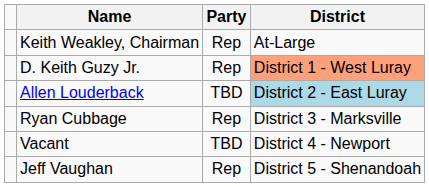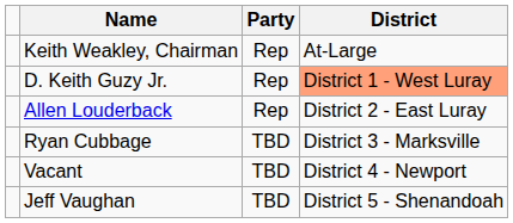 <table class=wikitable>
 <tr>
 <td></td>
 <th align="center">Name</th>
 <th align=center valign=bottom>Party</th>
 <th valign=bottom align=center>District</th>
 </tr>
 <tr>
 <td style="background-color:"> </td>
 <td>Keith Weakley, Chairman</td>
 <td style="text-align:center;">Rep</td>
 <td>At-Large</td>
 </tr>
 <tr>
 <td style="background-color:"> </td>
 <td>D. Keith Guzy Jr.</td>
 <td style="text-align:center;">Rep</td>
 <td style="background: lightsalmon;">District 1 - West Luray</td>
 </tr>
 <tr>
 <td style="background-color:"> </td>
 <td><a href='#'>Allen Louderback</a></td>
-<td style="text-align:center;">TBD</td>
-<td style="background: lightblue;">District 2 - East Luray</td>
+<td style="text-align:center;">Rep</td>
+<td>District 2 - East Luray</td>
 </tr>
 <tr>
 <td style="background-color:"> </td>
 <td>Ryan Cubbage</td>
-<td style="text-align:center;">Rep</td>
+<td style="text-align:center;">TBD</td>
 <td>District 3 - Marksville</td>
 </tr>
 <tr>
 <td style="background-color:"> </td>
 <td>Vacant</td>
 <td style="text-align:center;">TBD</td>
 <td>District 4 - Newport</td>
 </tr>
 <tr>
 <td style="background-color:"> </td>
 <td>Jeff Vaughan</td>
-<td style="text-align:center;">Rep</td>
+<td style="text-align:center;">TBD</td>
 <td>District 5 - Shenandoah</td>
 </tr>
 <tr>
 </tr>
 </table>
